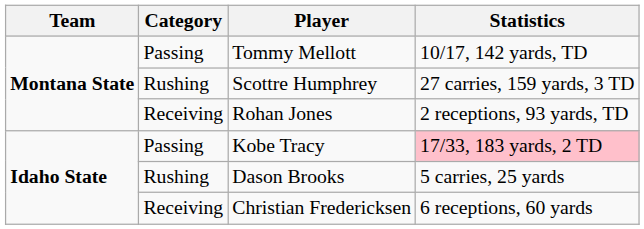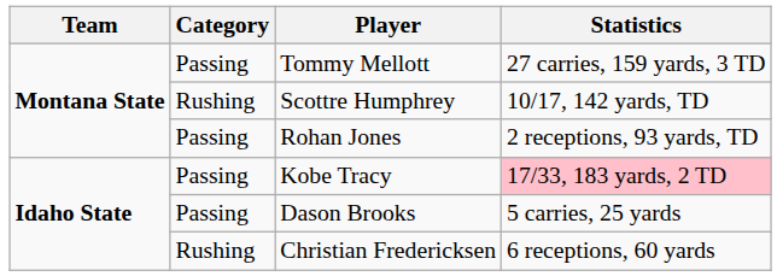 <table class="wikitable" style="float: right;">
 <tr>
 <th>Team</th>
 <th>Category</th>
 <th>Player</th>
 <th>Statistics</th>
 </tr>
 <tr>
 <td rowspan=3><strong>Montana State</strong></td>
 <td>Passing</td>
 <td>Tommy Mellott</td>
-<td>10/17, 142 yards, TD</td>
+<td>27 carries, 159 yards, 3 TD</td>
 </tr>
 <tr>
 <td>Rushing</td>
 <td>Scottre Humphrey</td>
-<td>27 carries, 159 yards, 3 TD</td>
+<td>10/17, 142 yards, TD</td>
 </tr>
 <tr>
-<td>Receiving</td>
+<td>Passing</td>
 <td>Rohan Jones</td>
 <td>2 receptions, 93 yards, TD</td>
 </tr>
 <tr>
 <td rowspan=3><strong>Idaho State</strong></td>
 <td>Passing</td>
 <td>Kobe Tracy</td>
 <td style="background: pink;">17/33, 183 yards, 2 TD</td>
 </tr>
 <tr>
-<td>Rushing</td>
+<td>Passing</td>
 <td>Dason Brooks</td>
 <td>5 carries, 25 yards</td>
 </tr>
 <tr>
-<td>Receiving</td>
+<td>Rushing</td>
 <td>Christian Fredericksen</td>
 <td>6 receptions, 60 yards</td>
 </tr>
 </table>
